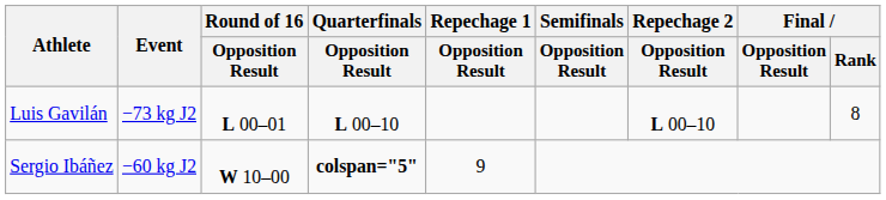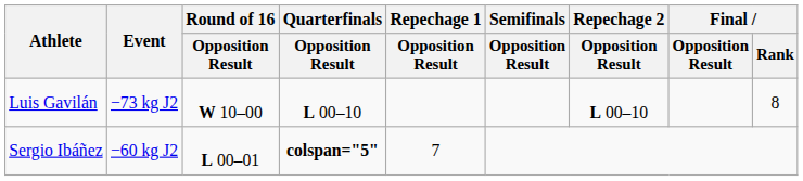 <table class="wikitable" style="font-size:90%">
 <tr>
 <th rowspan="2">Athlete</th>
 <th rowspan="2">Event</th>
 <th>Round of 16</th>
 <th>Quarterfinals</th>
 <th>Repechage 1</th>
 <th>Semifinals</th>
 <th>Repechage 2</th>
 <th colspan=2>Final / </th>
 </tr>
 <tr style="font-size:95%">
 <th>Opposition<br>Result</th>
 <th>Opposition<br>Result</th>
 <th>Opposition<br>Result</th>
 <th>Opposition<br>Result</th>
 <th>Opposition<br>Result</th>
 <th>Opposition<br>Result</th>
 <th>Rank</th>
 </tr>
 <tr align="center">
 <td align="left"><a href='#'>Luis Gavilán</a></td>
 <td><a href='#'>−73 kg J2</a></td>
-<td><br><strong>L</strong> 00–01</td>
+<td><br><strong>W</strong> 10–00</td>
 <td><br><strong>L</strong> 00–10</td>
 <td></td>
 <td></td>
 <td><br><strong>L</strong> 00–10</td>
 <td></td>
 <td>8</td>
 </tr>
 <tr align="center">
 <td align="left"><a href='#'>Sergio Ibáñez</a></td>
 <td><a href='#'>−60 kg J2</a></td>
-<td><br><strong>W</strong> 10–00</td>
+<td><br><strong>L</strong> 00–01</td>
 <td><strong>colspan="5" </strong></td>
-<td>9</td>
+<td>7</td>
 </tr>
 </table>
